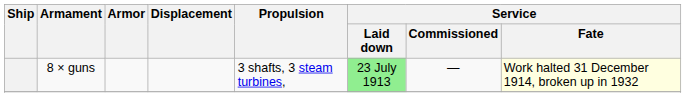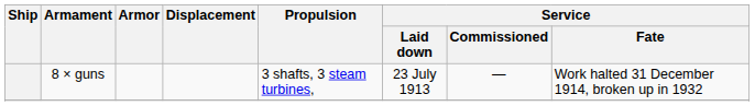 <table class="wikitable plainrowheaders">
 <tr valign="top"|- valign="top">
 <th align= center scope=col rowspan=2>Ship</th>
 <th align= center scope=col rowspan=2>Armament</th>
 <th align= center scope=col rowspan=2>Armor</th>
 <th align= center scope=col rowspan=2>Displacement</th>
 <th align= center scope=col rowspan=2>Propulsion</th>
 <th align= center scope=col colspan=3>Service</th>
 </tr>
 <tr valign="top">
 <th align= center scope=col>Laid down</th>
 <th align= center scope=col>Commissioned</th>
 <th align= center scope=col>Fate</th>
 </tr>
 <tr valign="top">
 <th scope=row align= left></th>
 <td align= center>8 ×  guns</td>
 <td align= center></td>
 <td align= center></td>
 <td align= left>3 shafts, 3 <a href='#'>steam turbines</a>, </td>
-<td align= center style="background: lightgreen;">23 July 1913</td>
+<td align= center>23 July 1913</td>
 <td align= center>—</td>
-<td align= left style="background: lightyellow;">Work halted 31 December 1914, broken up in 1932</td>
+<td align= left>Work halted 31 December 1914, broken up in 1932</td>
 </tr>
 <tr valign="top">
 </tr>
 <tr>
 </tr>
 </table>
